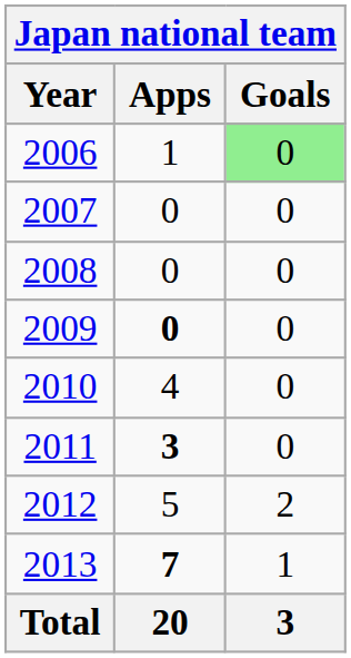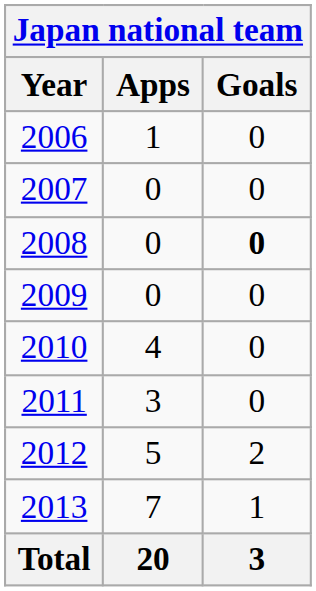 <table class="wikitable" style="text-align:center">
 <tr>
 <th colspan=3><a href='#'>Japan national team</a></th>
 </tr>
 <tr>
 <th>Year</th>
 <th>Apps</th>
 <th>Goals</th>
 </tr>
 <tr>
 <td><a href='#'>2006</a></td>
 <td>1</td>
-<td style="background: lightgreen;">0</td>
+<td>0</td>
 </tr>
 <tr>
 <td><a href='#'>2007</a></td>
 <td>0</td>
 <td>0</td>
 </tr>
 <tr>
 <td><a href='#'>2008</a></td>
 <td>0</td>
-<td>0</td>
+<td><strong>0</strong></td>
 </tr>
 <tr>
 <td><a href='#'>2009</a></td>
-<td><strong>0</strong></td>
+<td>0</td>
 <td>0</td>
 </tr>
 <tr>
 <td><a href='#'>2010</a></td>
 <td>4</td>
 <td>0</td>
 </tr>
 <tr>
 <td><a href='#'>2011</a></td>
-<td><strong>3</strong></td>
+<td>3</td>
 <td>0</td>
 </tr>
 <tr>
 <td><a href='#'>2012</a></td>
 <td>5</td>
 <td>2</td>
 </tr>
 <tr>
 <td><a href='#'>2013</a></td>
-<td><strong>7</strong></td>
+<td>7</td>
 <td>1</td>
 </tr>
 <tr>
 <th>Total</th>
 <th>20</th>
 <th>3</th>
 </tr>
 </table>
